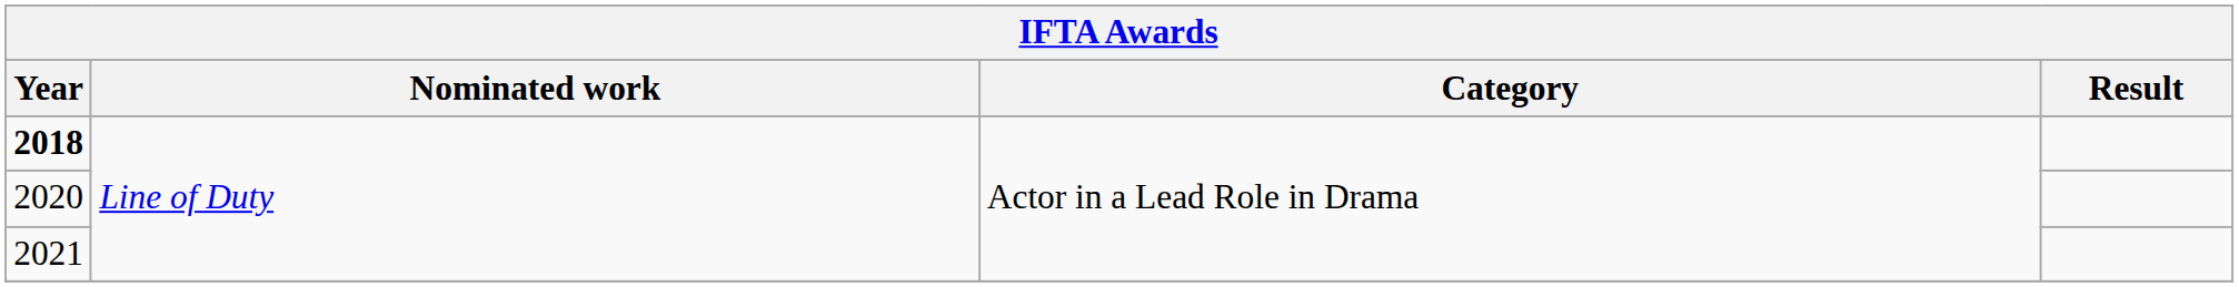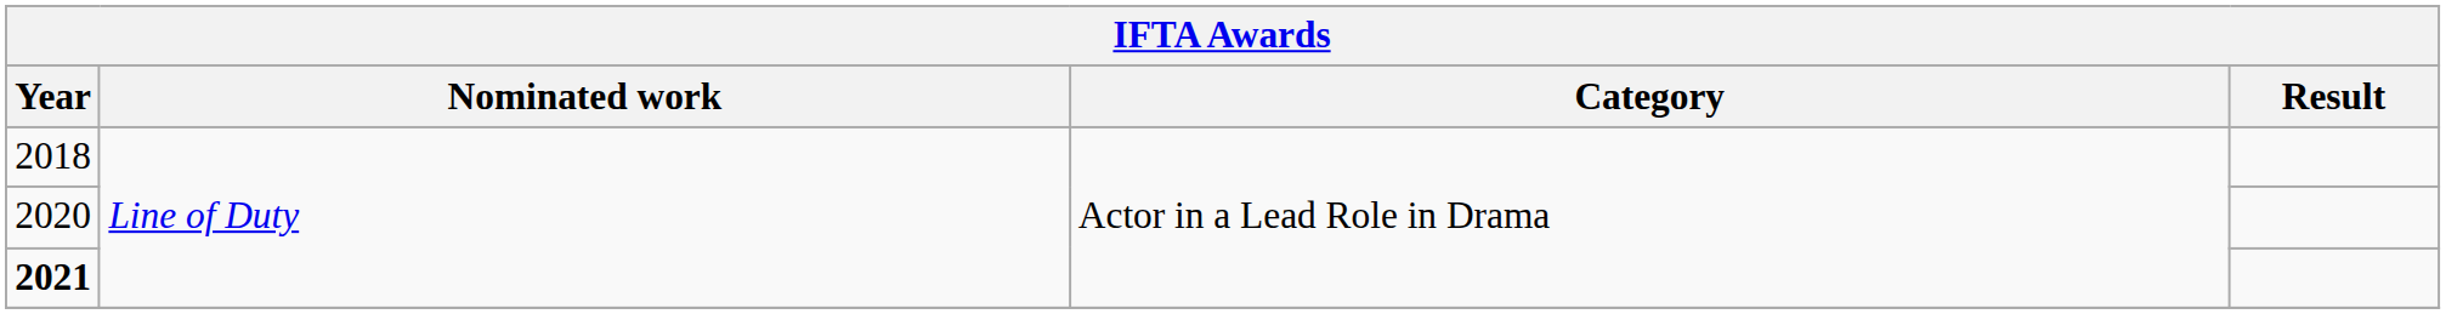 <table class="wikitable">
 <tr>
 <th colspan="4"><a href='#'>IFTA Awards</a></th>
 </tr>
 <tr>
 <th scope="col" style="width:1em;">Year</th>
 <th scope="col" style="width:25em;">Nominated work</th>
 <th scope="col" style="width:30em;">Category</th>
 <th scope="col" style="width:5em;">Result</th>
 </tr>
 <tr>
-<td><strong>2018</strong></td>
+<td>2018</td>
 <td rowspan="3"><em><a href='#'>Line of Duty</a></em></td>
 <td rowspan="3">Actor in a Lead Role in Drama</td>
 <td></td>
 </tr>
 <tr>
 <td>2020</td>
 <td></td>
 </tr>
 <tr>
-<td>2021</td>
+<td><strong>2021</strong></td>
 <td></td>
 </tr>
 <tr>
 </tr>
 </table>
